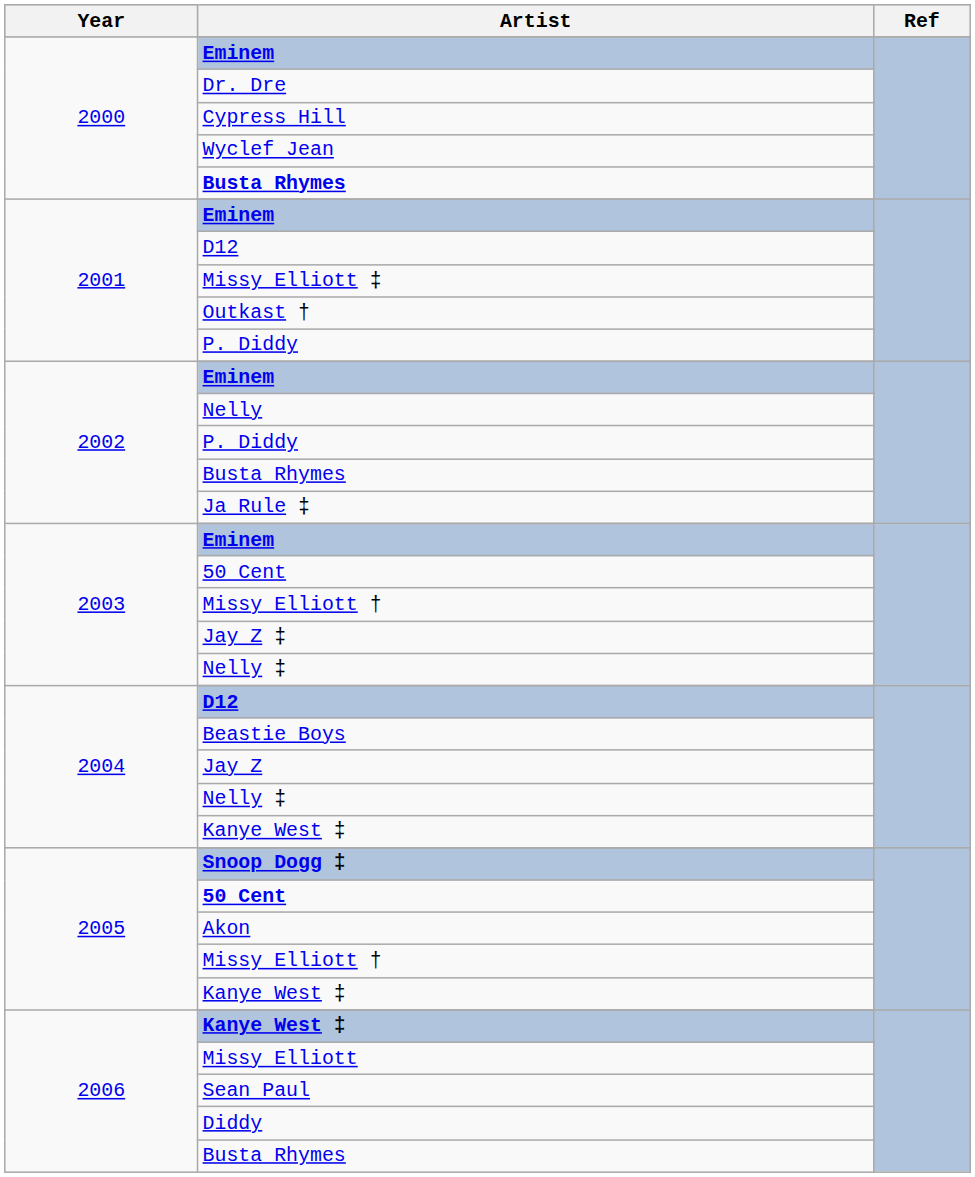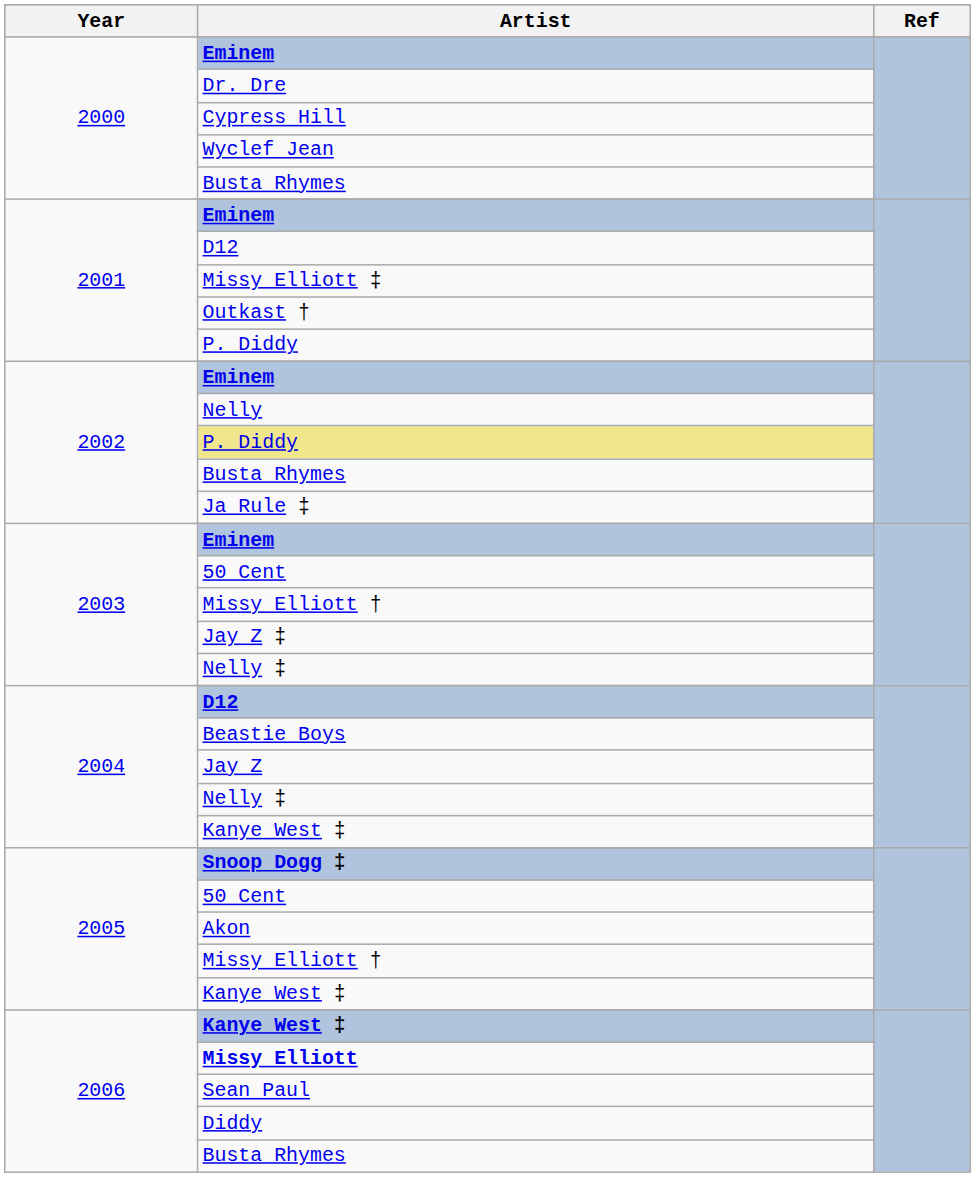 <table class="wikitable" style="width:50%;">
 <tr style="background:#bebebe;">
 <th style="width:10%;">Year</th>
 <th style="width:35%;">Artist</th>
 <th style="width:5%;">Ref</th>
 </tr>
 <tr>
 <td rowspan="6" align="center"><a href='#'>2000</a></td>
 </tr>
 <tr style="background:#B0C4DE">
 <td><strong><a href='#'>Eminem</a></strong></td>
 <td rowspan="6" align="center"></td>
 </tr>
 <tr>
 <td><a href='#'>Dr. Dre</a></td>
 </tr>
 <tr>
 <td><a href='#'>Cypress Hill</a></td>
 </tr>
 <tr>
 <td><a href='#'>Wyclef Jean</a></td>
 </tr>
 <tr>
-<td><strong><a href='#'>Busta Rhymes</a></strong></td>
+<td><a href='#'>Busta Rhymes</a></td>
 </tr>
 <tr>
 <td rowspan="6" align="center"><a href='#'>2001</a></td>
 </tr>
 <tr style="background:#B0C4DE">
 <td><strong><a href='#'>Eminem</a></strong></td>
 <td rowspan="6" align="center"></td>
 </tr>
 <tr>
 <td><a href='#'>D12</a></td>
 </tr>
 <tr>
 <td><a href='#'>Missy Elliott</a> ‡</td>
 </tr>
 <tr>
 <td><a href='#'>Outkast</a> †</td>
 </tr>
 <tr>
 <td><a href='#'>P. Diddy</a></td>
 </tr>
 <tr>
 <td rowspan="6" align="center"><a href='#'>2002</a></td>
 </tr>
 <tr style="background:#B0C4DE">
 <td><strong><a href='#'>Eminem</a></strong></td>
 <td rowspan="6" align="center"></td>
 </tr>
 <tr>
 <td><a href='#'>Nelly</a></td>
 </tr>
 <tr>
-<td><a href='#'>P. Diddy</a></td>
+<td style="background: khaki;"><a href='#'>P. Diddy</a></td>
 </tr>
 <tr>
 <td><a href='#'>Busta Rhymes</a></td>
 </tr>
 <tr>
 <td><a href='#'>Ja Rule</a> ‡</td>
 </tr>
 <tr>
 <td rowspan="6" align="center"><a href='#'>2003</a></td>
 </tr>
 <tr style="background:#B0C4DE">
 <td><strong><a href='#'>Eminem</a></strong></td>
 <td rowspan="6" align="center"></td>
 </tr>
 <tr>
 <td><a href='#'>50 Cent</a></td>
 </tr>
 <tr>
 <td><a href='#'>Missy Elliott</a> †</td>
 </tr>
 <tr>
 <td><a href='#'>Jay Z</a> ‡</td>
 </tr>
 <tr>
 <td><a href='#'>Nelly</a> ‡</td>
 </tr>
 <tr>
 <td rowspan="6" align="center"><a href='#'>2004</a></td>
 </tr>
 <tr style="background:#B0C4DE">
 <td><strong><a href='#'>D12</a></strong></td>
 <td rowspan="6" align="center"></td>
 </tr>
 <tr>
 <td><a href='#'>Beastie Boys</a></td>
 </tr>
 <tr>
 <td><a href='#'>Jay Z</a></td>
 </tr>
 <tr>
 <td><a href='#'>Nelly</a> ‡</td>
 </tr>
 <tr>
 <td><a href='#'>Kanye West</a> ‡</td>
 </tr>
 <tr>
 <td rowspan="6" align="center"><a href='#'>2005</a></td>
 </tr>
 <tr style="background:#B0C4DE">
 <td><strong><a href='#'>Snoop Dogg</a> ‡</strong></td>
 <td rowspan="6" align="center"></td>
 </tr>
 <tr>
-<td><strong><a href='#'>50 Cent</a></strong></td>
+<td><a href='#'>50 Cent</a></td>
 </tr>
 <tr>
 <td><a href='#'>Akon</a></td>
 </tr>
 <tr>
 <td><a href='#'>Missy Elliott</a> †</td>
 </tr>
 <tr>
 <td><a href='#'>Kanye West</a> ‡</td>
 </tr>
 <tr>
 <td rowspan="6" align="center"><a href='#'>2006</a></td>
 </tr>
 <tr style="background:#B0C4DE">
 <td><strong><a href='#'>Kanye West</a> ‡</strong></td>
 <td rowspan="6" align="center"></td>
 </tr>
 <tr>
-<td><a href='#'>Missy Elliott</a></td>
+<td><strong><a href='#'>Missy Elliott</a></strong></td>
 </tr>
 <tr>
 <td><a href='#'>Sean Paul</a></td>
 </tr>
 <tr>
 <td><a href='#'>Diddy</a></td>
 </tr>
 <tr>
 <td><a href='#'>Busta Rhymes</a></td>
 </tr>
 </table>
